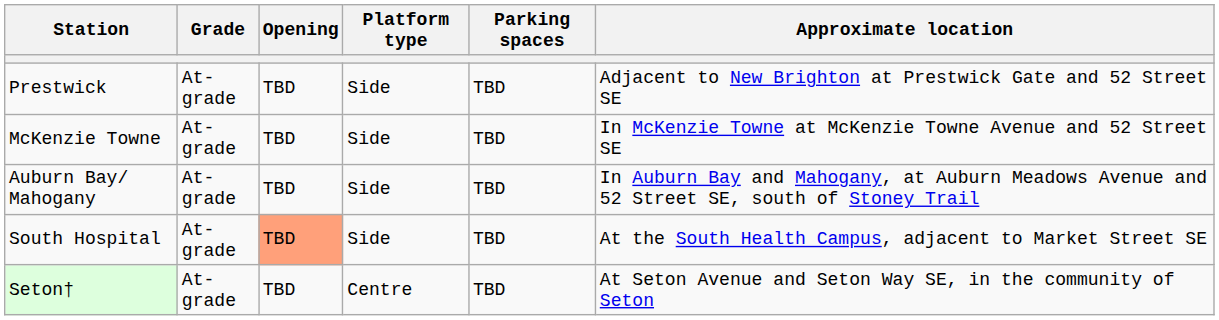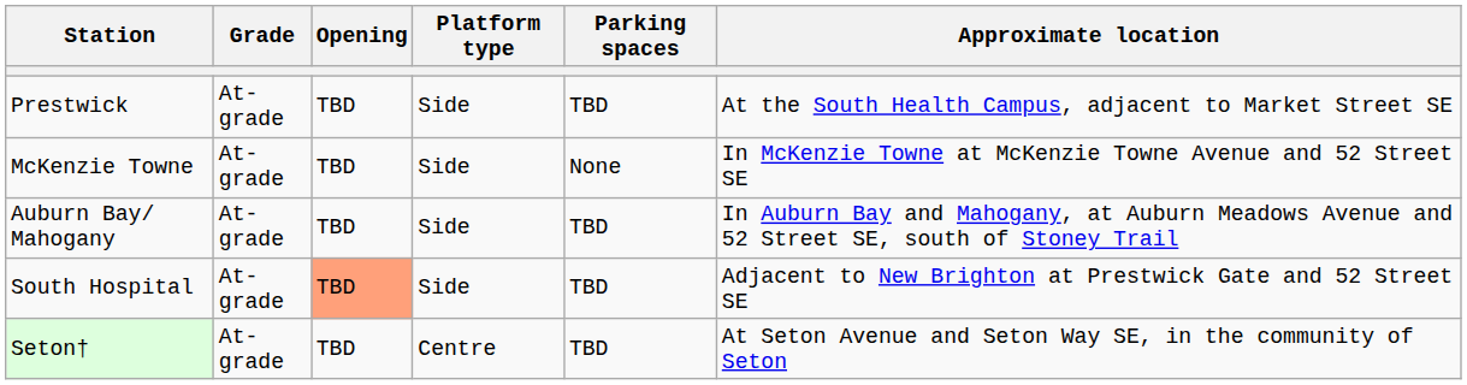 <table class="wikitable sortable">
 <tr>
 <th>Station</th>
 <th>Grade</th>
 <th>Opening</th>
 <th>Platform type</th>
 <th data-sort-type="number">Parking spaces</th>
 <th class="unsortable">Approximate location</th>
 </tr>
 <tr>
 <th colspan=6 style="background:#"></th>
 </tr>
 <tr>
 <td>Prestwick</td>
 <td>At-grade</td>
 <td>TBD</td>
 <td>Side</td>
 <td>TBD</td>
-<td>Adjacent to <a href='#'>New Brighton</a> at Prestwick Gate and 52 Street SE</td>
+<td>At the <a href='#'>South Health Campus</a>, adjacent to Market Street SE</td>
 </tr>
 <tr>
 <td>McKenzie Towne</td>
 <td>At-grade</td>
 <td>TBD</td>
 <td>Side</td>
-<td>TBD</td>
+<td>None</td>
 <td>In <a href='#'>McKenzie Towne</a> at McKenzie Towne Avenue and 52 Street SE</td>
 </tr>
 <tr>
 <td>Auburn Bay/ Mahogany</td>
 <td>At-grade</td>
 <td>TBD</td>
 <td>Side</td>
 <td>TBD</td>
 <td>In <a href='#'>Auburn Bay</a> and <a href='#'>Mahogany</a>, at Auburn Meadows Avenue and 52 Street SE, south of <a href='#'>Stoney Trail</a></td>
 </tr>
 <tr>
 <td>South Hospital</td>
 <td>At-grade</td>
 <td style="background: lightsalmon;">TBD</td>
 <td>Side</td>
 <td>TBD</td>
-<td>At the <a href='#'>South Health Campus</a>, adjacent to Market Street SE</td>
+<td>Adjacent to <a href='#'>New Brighton</a> at Prestwick Gate and 52 Street SE</td>
 </tr>
 <tr>
 <td style="background-color:#ddffdd">Seton†</td>
 <td>At-grade</td>
 <td>TBD</td>
 <td>Centre</td>
 <td>TBD</td>
 <td>At Seton Avenue and Seton Way SE, in the community of <a href='#'>Seton</a></td>
 </tr>
 </table>
